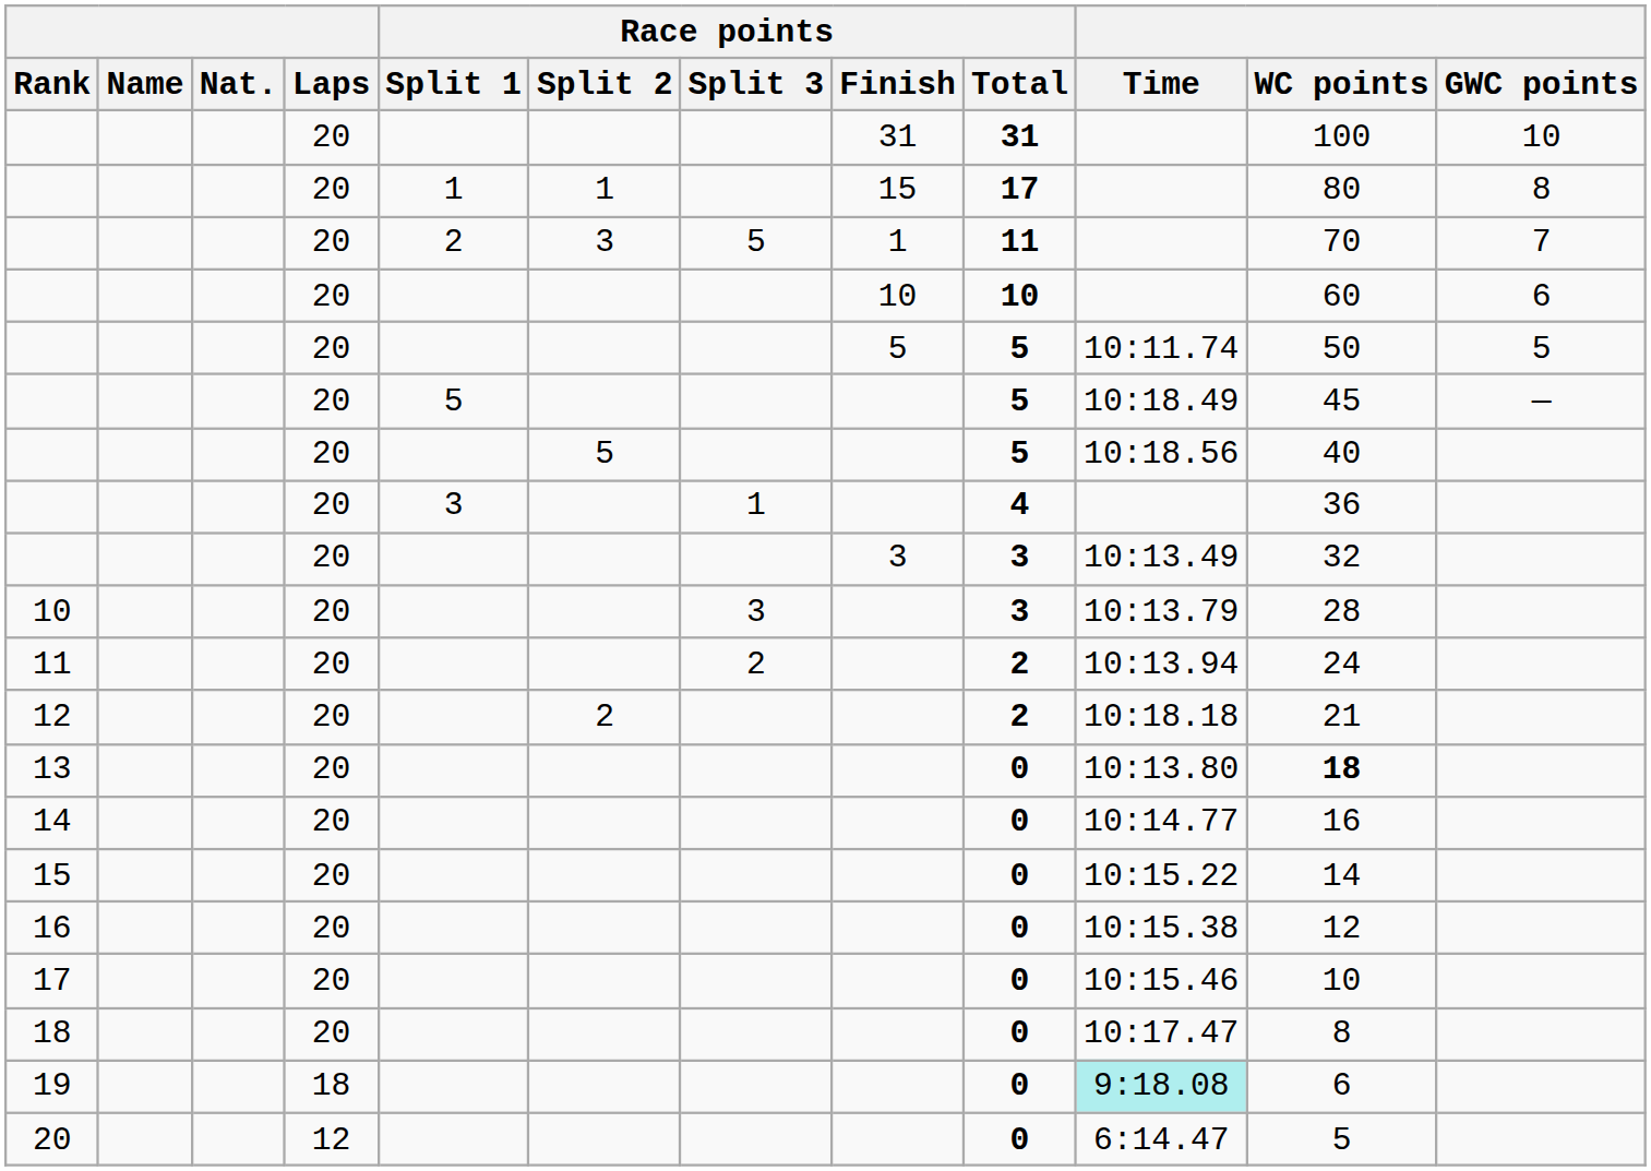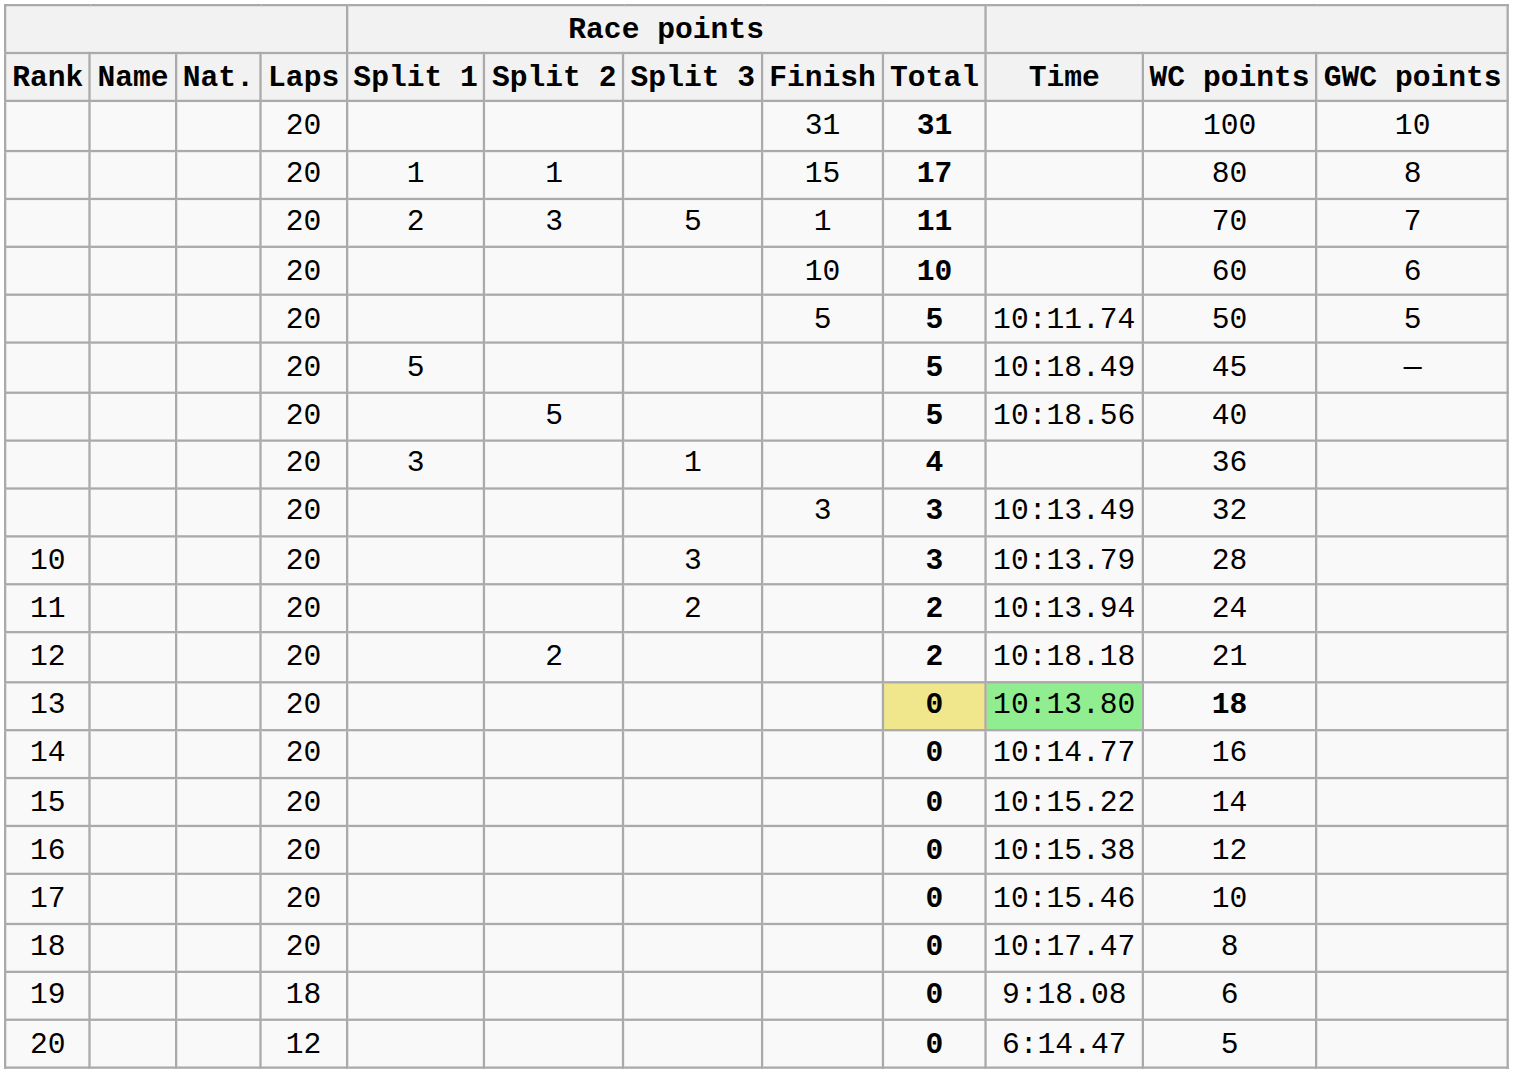 <table class="wikitable sortable" style="text-align:center">
 <tr>
 <th colspan=4></th>
 <th colspan=5>Race points</th>
 <th colspan=3></th>
 </tr>
 <tr>
 <th>Rank</th>
 <th>Name</th>
 <th>Nat.</th>
 <th>Laps</th>
 <th>Split 1</th>
 <th>Split 2</th>
 <th>Split 3</th>
 <th>Finish</th>
 <th>Total</th>
 <th>Time</th>
 <th>WC points</th>
 <th>GWC points</th>
 </tr>
 <tr>
 <td></td>
 <td align=left></td>
 <td></td>
 <td>20</td>
 <td></td>
 <td></td>
 <td></td>
 <td>31</td>
 <td><strong>31</strong></td>
 <td></td>
 <td>100</td>
 <td>10</td>
 </tr>
 <tr>
 <td></td>
 <td align=left></td>
 <td></td>
 <td>20</td>
 <td>1</td>
 <td>1</td>
 <td></td>
 <td>15</td>
 <td><strong>17</strong></td>
 <td></td>
 <td>80</td>
 <td>8</td>
 </tr>
 <tr>
 <td></td>
 <td align=left></td>
 <td></td>
 <td>20</td>
 <td>2</td>
 <td>3</td>
 <td>5</td>
 <td>1</td>
 <td><strong>11</strong></td>
 <td></td>
 <td>70</td>
 <td>7</td>
 </tr>
 <tr>
 <td></td>
 <td align=left></td>
 <td></td>
 <td>20</td>
 <td></td>
 <td></td>
 <td></td>
 <td>10</td>
 <td><strong>10</strong></td>
 <td></td>
 <td>60</td>
 <td>6</td>
 </tr>
 <tr>
 <td></td>
 <td align=left></td>
 <td></td>
 <td>20</td>
 <td></td>
 <td></td>
 <td></td>
 <td>5</td>
 <td><strong>5</strong></td>
 <td>10:11.74</td>
 <td>50</td>
 <td>5</td>
 </tr>
 <tr>
 <td></td>
 <td align=left></td>
 <td></td>
 <td>20</td>
 <td>5</td>
 <td></td>
 <td></td>
 <td></td>
 <td><strong>5</strong></td>
 <td>10:18.49</td>
 <td>45</td>
 <td>—</td>
 </tr>
 <tr>
 <td></td>
 <td align=left></td>
 <td></td>
 <td>20</td>
 <td></td>
 <td>5</td>
 <td></td>
 <td></td>
 <td><strong>5</strong></td>
 <td>10:18.56</td>
 <td>40</td>
 <td></td>
 </tr>
 <tr>
 <td></td>
 <td align=left></td>
 <td></td>
 <td>20</td>
 <td>3</td>
 <td></td>
 <td>1</td>
 <td></td>
 <td><strong>4</strong></td>
 <td></td>
 <td>36</td>
 <td></td>
 </tr>
 <tr>
 <td></td>
 <td align=left></td>
 <td></td>
 <td>20</td>
 <td></td>
 <td></td>
 <td></td>
 <td>3</td>
 <td><strong>3</strong></td>
 <td>10:13.49</td>
 <td>32</td>
 <td></td>
 </tr>
 <tr>
 <td>10</td>
 <td align=left></td>
 <td></td>
 <td>20</td>
 <td></td>
 <td></td>
 <td>3</td>
 <td></td>
 <td><strong>3</strong></td>
 <td>10:13.79</td>
 <td>28</td>
 <td></td>
 </tr>
 <tr>
 <td>11</td>
 <td align=left></td>
 <td></td>
 <td>20</td>
 <td></td>
 <td></td>
 <td>2</td>
 <td></td>
 <td><strong>2</strong></td>
 <td>10:13.94</td>
 <td>24</td>
 <td></td>
 </tr>
 <tr>
 <td>12</td>
 <td align=left></td>
 <td></td>
 <td>20</td>
 <td></td>
 <td>2</td>
 <td></td>
 <td></td>
 <td><strong>2</strong></td>
 <td>10:18.18</td>
 <td>21</td>
 <td></td>
 </tr>
 <tr>
 <td>13</td>
 <td align=left></td>
 <td></td>
 <td>20</td>
 <td></td>
 <td></td>
 <td></td>
 <td></td>
-<td><strong>0</strong></td>
-<td>10:13.80</td>
+<td style="background: khaki;"><strong>0</strong></td>
+<td style="background: lightgreen;">10:13.80</td>
 <td><strong>18</strong></td>
 <td></td>
 </tr>
 <tr>
 <td>14</td>
 <td align=left></td>
 <td></td>
 <td>20</td>
 <td></td>
 <td></td>
 <td></td>
 <td></td>
 <td><strong>0</strong></td>
 <td>10:14.77</td>
 <td>16</td>
 <td></td>
 </tr>
 <tr>
 <td>15</td>
 <td align=left></td>
 <td></td>
 <td>20</td>
 <td></td>
 <td></td>
 <td></td>
 <td></td>
 <td><strong>0</strong></td>
 <td>10:15.22</td>
 <td>14</td>
 <td></td>
 </tr>
 <tr>
 <td>16</td>
 <td align=left></td>
 <td></td>
 <td>20</td>
 <td></td>
 <td></td>
 <td></td>
 <td></td>
 <td><strong>0</strong></td>
 <td>10:15.38</td>
 <td>12</td>
 <td></td>
 </tr>
 <tr>
 <td>17</td>
 <td align=left></td>
 <td></td>
 <td>20</td>
 <td></td>
 <td></td>
 <td></td>
 <td></td>
 <td><strong>0</strong></td>
 <td>10:15.46</td>
 <td>10</td>
 <td></td>
 </tr>
 <tr>
 <td>18</td>
 <td align=left></td>
 <td></td>
 <td>20</td>
 <td></td>
 <td></td>
 <td></td>
 <td></td>
 <td><strong>0</strong></td>
 <td>10:17.47</td>
 <td>8</td>
 <td></td>
 </tr>
 <tr>
 <td>19</td>
 <td align=left></td>
 <td></td>
 <td>18</td>
 <td></td>
 <td></td>
 <td></td>
 <td></td>
 <td><strong>0</strong></td>
-<td style="background: paleturquoise;">9:18.08</td>
+<td>9:18.08</td>
 <td>6</td>
 <td></td>
 </tr>
 <tr>
 <td>20</td>
 <td align=left></td>
 <td></td>
 <td>12</td>
 <td></td>
 <td></td>
 <td></td>
 <td></td>
 <td><strong>0</strong></td>
 <td>6:14.47</td>
 <td>5</td>
 <td></td>
 </tr>
 </table>
